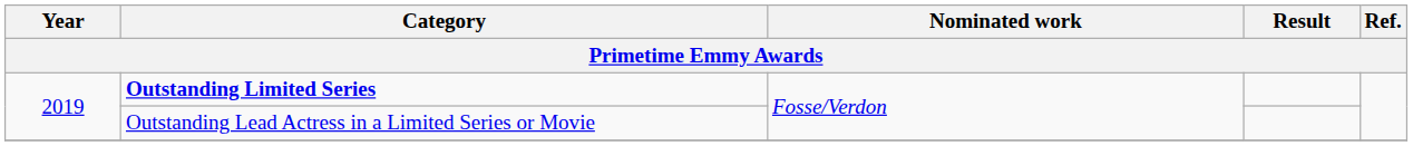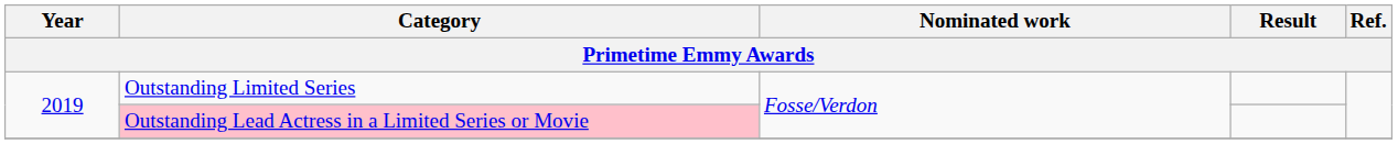 <table class=wikitable>
 <tr>
 <th scope="col" style="width:5em;">Year</th>
 <th scope="col" style="width:30em;">Category</th>
 <th scope="col" style="width:22em;">Nominated work</th>
 <th scope="col" style="width:5em;">Result</th>
 <th>Ref.</th>
 </tr>
 <tr>
 <th colspan=5><a href='#'>Primetime Emmy Awards</a></th>
 </tr>
 <tr>
 <td style="text-align:center;", rowspan="2"><a href='#'>2019</a></td>
-<td><strong><a href='#'>Outstanding Limited Series</a></strong></td>
+<td><a href='#'>Outstanding Limited Series</a></td>
 <td rowspan="2"><em><a href='#'>Fosse/Verdon</a></em></td>
 <td></td>
 <td rowspan="2" style="text-align:center;"></td>
 </tr>
 <tr>
-<td><a href='#'>Outstanding Lead Actress in a Limited Series or Movie</a></td>
+<td style="background: pink;"><a href='#'>Outstanding Lead Actress in a Limited Series or Movie</a></td>
 <td></td>
 </tr>
 <tr>
 </tr>
 </table>
